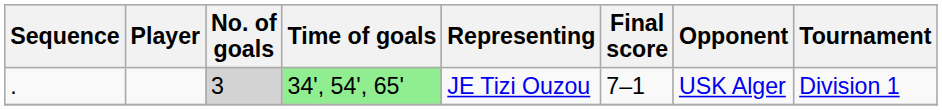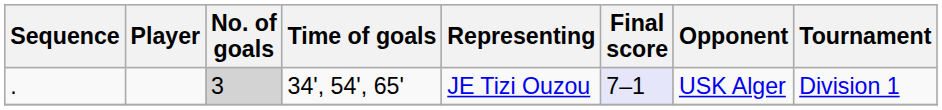 <table class="wikitable sortable" style="font-size:90%;">
 <tr>
 <th>Sequence<br></th>
 <th>Player</th>
 <th>No. of<br>goals</th>
 <th>Time of goals</th>
 <th>Representing</th>
 <th>Final<br>score</th>
 <th>Opponent</th>
 <th>Tournament</th>
 </tr>
 <tr>
 <td>.</td>
 <td> </td>
 <td style="background: lightgrey;">3</td>
-<td style="background: lightgreen;">34', 54', 65'</td>
+<td>34', 54', 65'</td>
 <td><a href='#'>JE Tizi Ouzou</a></td>
-<td>7–1</td>
+<td style="background: lavender;">7–1</td>
 <td><a href='#'>USK Alger</a></td>
 <td><a href='#'>Division 1</a></td>
 </tr>
 <tr>
 </tr>
 </table>
